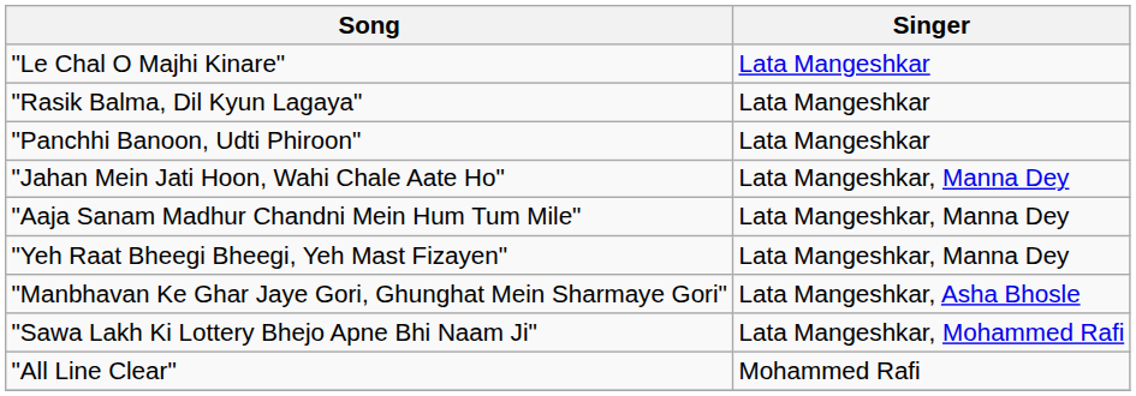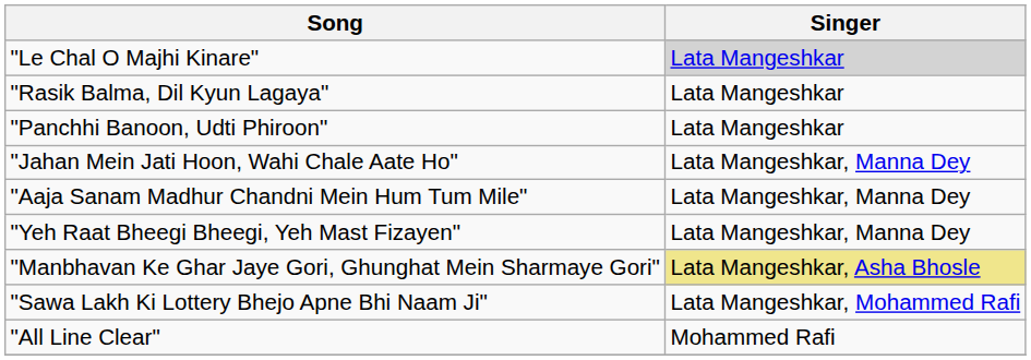 <table class="wikitable" style="font-size:92%">
 <tr>
 <th>Song</th>
 <th>Singer</th>
 </tr>
 <tr>
 <td>"Le Chal O Majhi Kinare"</td>
-<td><a href='#'>Lata Mangeshkar</a></td>
+<td style="background: lightgrey;"><a href='#'>Lata Mangeshkar</a></td>
 </tr>
 <tr>
 <td>"Rasik Balma, Dil Kyun Lagaya"</td>
 <td>Lata Mangeshkar</td>
 </tr>
 <tr>
 <td>"Panchhi Banoon, Udti Phiroon"</td>
 <td>Lata Mangeshkar</td>
 </tr>
 <tr>
 <td>"Jahan Mein Jati Hoon, Wahi Chale Aate Ho"</td>
 <td>Lata Mangeshkar, <a href='#'>Manna Dey</a></td>
 </tr>
 <tr>
 <td>"Aaja Sanam Madhur Chandni Mein Hum Tum Mile"</td>
 <td>Lata Mangeshkar, Manna Dey</td>
 </tr>
 <tr>
 <td>"Yeh Raat Bheegi Bheegi, Yeh Mast Fizayen"</td>
 <td>Lata Mangeshkar, Manna Dey</td>
 </tr>
 <tr>
 <td>"Manbhavan Ke Ghar Jaye Gori, Ghunghat Mein Sharmaye Gori"</td>
-<td>Lata Mangeshkar, <a href='#'>Asha Bhosle</a></td>
+<td style="background: khaki;">Lata Mangeshkar, <a href='#'>Asha Bhosle</a></td>
 </tr>
 <tr>
 <td>"Sawa Lakh Ki Lottery Bhejo Apne Bhi Naam Ji"</td>
 <td>Lata Mangeshkar, <a href='#'>Mohammed Rafi</a></td>
 </tr>
 <tr>
 <td>"All Line Clear"</td>
 <td>Mohammed Rafi</td>
 </tr>
 <tr>
 </tr>
 </table>
